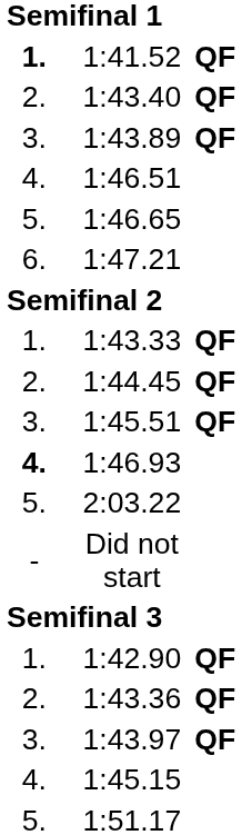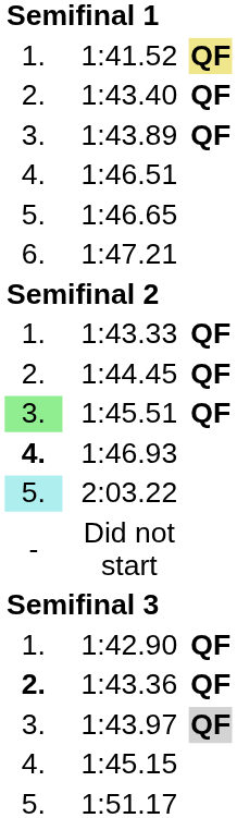 <table style="text-align:center">
 <tr>
 <td colspan=4 align=left><strong>Semifinal 1</strong></td>
 </tr>
 <tr>
-<td width=30><strong>1.</strong></td>
+<td width=30>1.</td>
 <td align=left></td>
 <td width=60>1:41.52</td>
-<td><strong>QF</strong></td>
+<td style="background: khaki;"><strong>QF</strong></td>
 </tr>
 <tr>
 <td>2.</td>
 <td align=left></td>
 <td>1:43.40</td>
 <td><strong>QF</strong></td>
 </tr>
 <tr>
 <td>3.</td>
 <td align=left></td>
 <td>1:43.89</td>
 <td><strong>QF</strong></td>
 </tr>
 <tr>
 <td>4.</td>
 <td align=left></td>
 <td>1:46.51</td>
 <td></td>
 </tr>
 <tr>
 <td>5.</td>
 <td align=left></td>
 <td>1:46.65</td>
 <td></td>
 </tr>
 <tr>
 <td>6.</td>
 <td align=left></td>
 <td>1:47.21</td>
 <td></td>
 </tr>
 <tr>
 <td colspan=4 align=left><strong>Semifinal 2</strong></td>
 </tr>
 <tr>
 <td width=30>1.</td>
 <td align=left></td>
 <td width=60>1:43.33</td>
 <td><strong>QF</strong></td>
 </tr>
 <tr>
 <td>2.</td>
 <td align=left></td>
 <td>1:44.45</td>
 <td><strong>QF</strong></td>
 </tr>
 <tr>
-<td>3.</td>
+<td style="background: lightgreen;">3.</td>
 <td align=left></td>
 <td>1:45.51</td>
 <td><strong>QF</strong></td>
 </tr>
 <tr>
 <td><strong>4.</strong></td>
 <td align=left></td>
 <td>1:46.93</td>
 <td></td>
 </tr>
 <tr>
-<td>5.</td>
+<td style="background: paleturquoise;">5.</td>
 <td align=left></td>
 <td>2:03.22</td>
 <td></td>
 </tr>
 <tr>
 <td>-</td>
 <td align=left></td>
 <td>Did not start</td>
 <td></td>
 </tr>
 <tr>
 <td colspan=4 align=left><strong>Semifinal 3</strong></td>
 </tr>
 <tr>
 <td width=30>1.</td>
 <td align=left></td>
 <td width=60>1:42.90</td>
 <td><strong>QF</strong></td>
 </tr>
 <tr>
-<td>2.</td>
+<td><strong>2.</strong></td>
 <td align=left></td>
 <td>1:43.36</td>
 <td><strong>QF</strong></td>
 </tr>
 <tr>
 <td>3.</td>
 <td align=left></td>
 <td>1:43.97</td>
-<td><strong>QF</strong></td>
+<td style="background: lightgrey;"><strong>QF</strong></td>
 </tr>
 <tr>
 <td>4.</td>
 <td align=left></td>
 <td>1:45.15</td>
 <td></td>
 </tr>
 <tr>
 <td>5.</td>
 <td align=left></td>
 <td>1:51.17</td>
 <td></td>
 </tr>
 </table>
